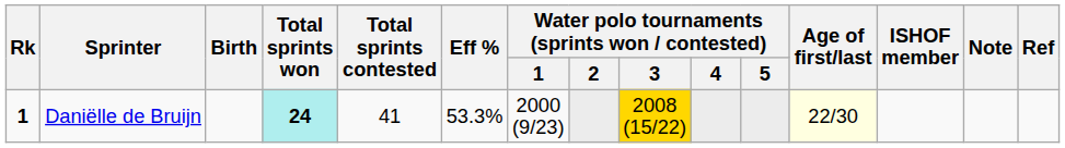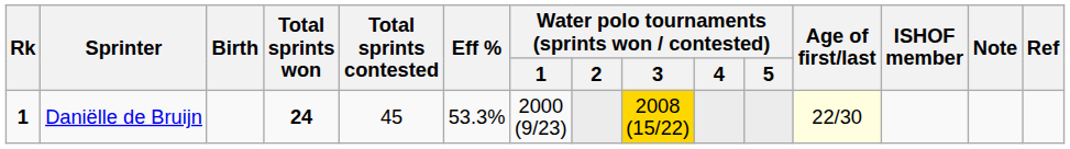 <table class="wikitable sortable" style="text-align: center; font-size: 85%; margin-left: 1em;">
 <tr>
 <th rowspan="2">Rk</th>
 <th rowspan="2">Sprinter</th>
 <th rowspan="2">Birth</th>
 <th rowspan="2">Total<br>sprints<br>won</th>
 <th rowspan="2">Total<br>sprints<br>contested</th>
 <th rowspan="2">Eff %</th>
 <th colspan="5">Water polo tournaments<br>(sprints won / contested)</th>
 <th rowspan="2">Age of<br>first/last</th>
 <th rowspan="2">ISHOF<br>member</th>
 <th rowspan="2">Note</th>
 <th rowspan="2" class="unsortable">Ref</th>
 </tr>
 <tr>
 <th>1</th>
 <th style="width: 2em;" class="unsortable">2</th>
 <th style="width: 2em;" class="unsortable">3</th>
 <th style="width: 2em;" class="unsortable">4</th>
 <th style="width: 2em;" class="unsortable">5</th>
 </tr>
 <tr>
 <td><strong>1</strong></td>
 <td style="text-align: left;" data-sort-value="Bruijn, Daniëlle De"><a href='#'>Daniëlle de Bruijn</a></td>
 <td></td>
-<td style="background: paleturquoise;"><strong>24</strong></td>
-<td>41</td>
+<td><strong>24</strong></td>
+<td>45</td>
 <td>53.3%</td>
 <td>2000<br>(9/23)</td>
 <td style="background-color: #ececec;"></td>
 <td style="background-color: gold;">2008<br>(15/22)</td>
 <td style="background-color: #ececec;"></td>
 <td style="background-color: #ececec;"></td>
 <td style="background: lightyellow;">22/30</td>
 <td></td>
 <td style="text-align: left;"></td>
 <td></td>
 </tr>
 </table>
